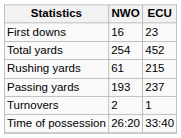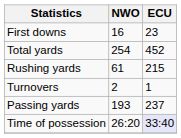 <table class="wikitable" style="float: left;">
 <tr>
 <th>Statistics</th>
 <th>NWO</th>
 <th>ECU</th>
 </tr>
 <tr>
 <td>First downs</td>
 <td>16</td>
 <td>23</td>
 </tr>
 <tr>
 <td>Total yards</td>
 <td>254</td>
 <td>452</td>
 </tr>
 <tr>
 <td>Rushing yards</td>
 <td>61</td>
 <td>215</td>
 </tr>
 <tr>
+<td>Turnovers</td>
+<td>2</td>
+<td>1</td>
+</tr>
+<tr>
 <td>Passing yards</td>
 <td>193</td>
 <td>237</td>
 </tr>
 <tr>
-<td>Turnovers</td>
-<td>2</td>
-<td>1</td>
-</tr>
-<tr>
 <td>Time of possession</td>
 <td>26:20</td>
-<td>33:40</td>
+<td style="background: lavender;">33:40</td>
 </tr>
 <tr>
 </tr>
 </table>
